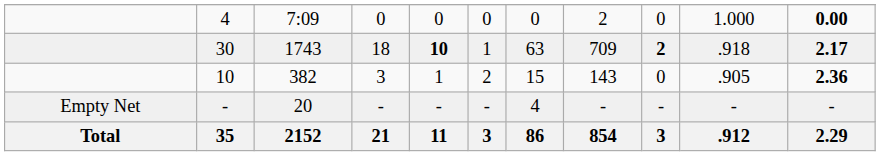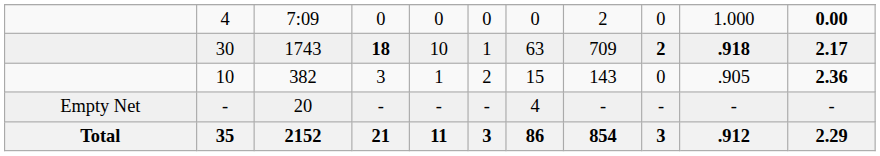 <table class="wikitable sortable" width ="60%">
 <tr align="center">
 </tr>
 <tr align="center" bgcolor="">
 <td></td>
 <td>4</td>
 <td>7:09</td>
 <td>0</td>
 <td>0</td>
 <td>0</td>
 <td>0</td>
 <td>2</td>
 <td>0</td>
 <td>1.000</td>
 <td><strong>0.00</strong></td>
 </tr>
 <tr align="center" bgcolor="f0f0f0">
 <td></td>
 <td>30</td>
 <td>1743</td>
-<td>18</td>
-<td><strong>10</strong></td>
+<td><strong>18</strong></td>
+<td>10</td>
 <td>1</td>
 <td>63</td>
 <td>709</td>
 <td><strong>2</strong></td>
-<td>.918</td>
+<td><strong>.918</strong></td>
 <td><strong>2.17</strong></td>
 </tr>
 <tr align="center" bgcolor="">
 <td></td>
 <td>10</td>
 <td>382</td>
 <td>3</td>
 <td>1</td>
 <td>2</td>
 <td>15</td>
 <td>143</td>
 <td>0</td>
 <td>.905</td>
 <td><strong>2.36</strong></td>
 </tr>
 <tr align="center" bgcolor="f0f0f0">
 <td>Empty Net</td>
 <td>-</td>
 <td>20</td>
 <td>-</td>
 <td>-</td>
 <td>-</td>
 <td>4</td>
 <td>-</td>
 <td>-</td>
 <td>-</td>
 <td>-</td>
 </tr>
 <tr>
 <th>Total</th>
 <th>35</th>
 <th>2152</th>
 <th>21</th>
 <th>11</th>
 <th>3</th>
 <th>86</th>
 <th>854</th>
 <th>3</th>
 <th>.912</th>
 <th>2.29</th>
 </tr>
 </table>
